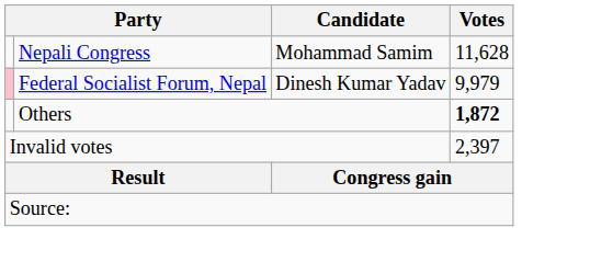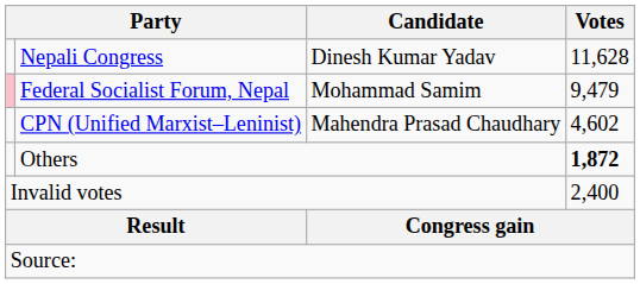 <table class="wikitable">
 <tr>
 <th colspan="2">Party</th>
 <th>Candidate</th>
 <th>Votes</th>
 </tr>
 <tr>
 <td style="background-color:"></td>
 <td><a href='#'>Nepali Congress</a></td>
-<td>Mohammad Samim</td>
+<td>Dinesh Kumar Yadav</td>
 <td>11,628</td>
 </tr>
 <tr>
 <td style="background-color:pink"></td>
 <td><a href='#'>Federal Socialist Forum, Nepal</a></td>
-<td>Dinesh Kumar Yadav</td>
-<td>9,979</td>
+<td>Mohammad Samim</td>
+<td>9,479</td>
+</tr>
+<tr>
+<td style="background-color:"></td>
+<td><a href='#'>CPN (Unified Marxist–Leninist)</a></td>
+<td>Mahendra Prasad Chaudhary</td>
+<td>4,602</td>
 </tr>
 <tr>
 <td></td>
 <td colspan="2">Others</td>
 <td><strong>1,872</strong></td>
 </tr>
 <tr>
 <td colspan="3">Invalid votes</td>
-<td>2,397</td>
+<td>2,400</td>
 </tr>
 <tr>
 <th colspan="2">Result</th>
 <th colspan="2">Congress gain</th>
 </tr>
 <tr>
 <td colspan="4">Source: </td>
 </tr>
 </table>
